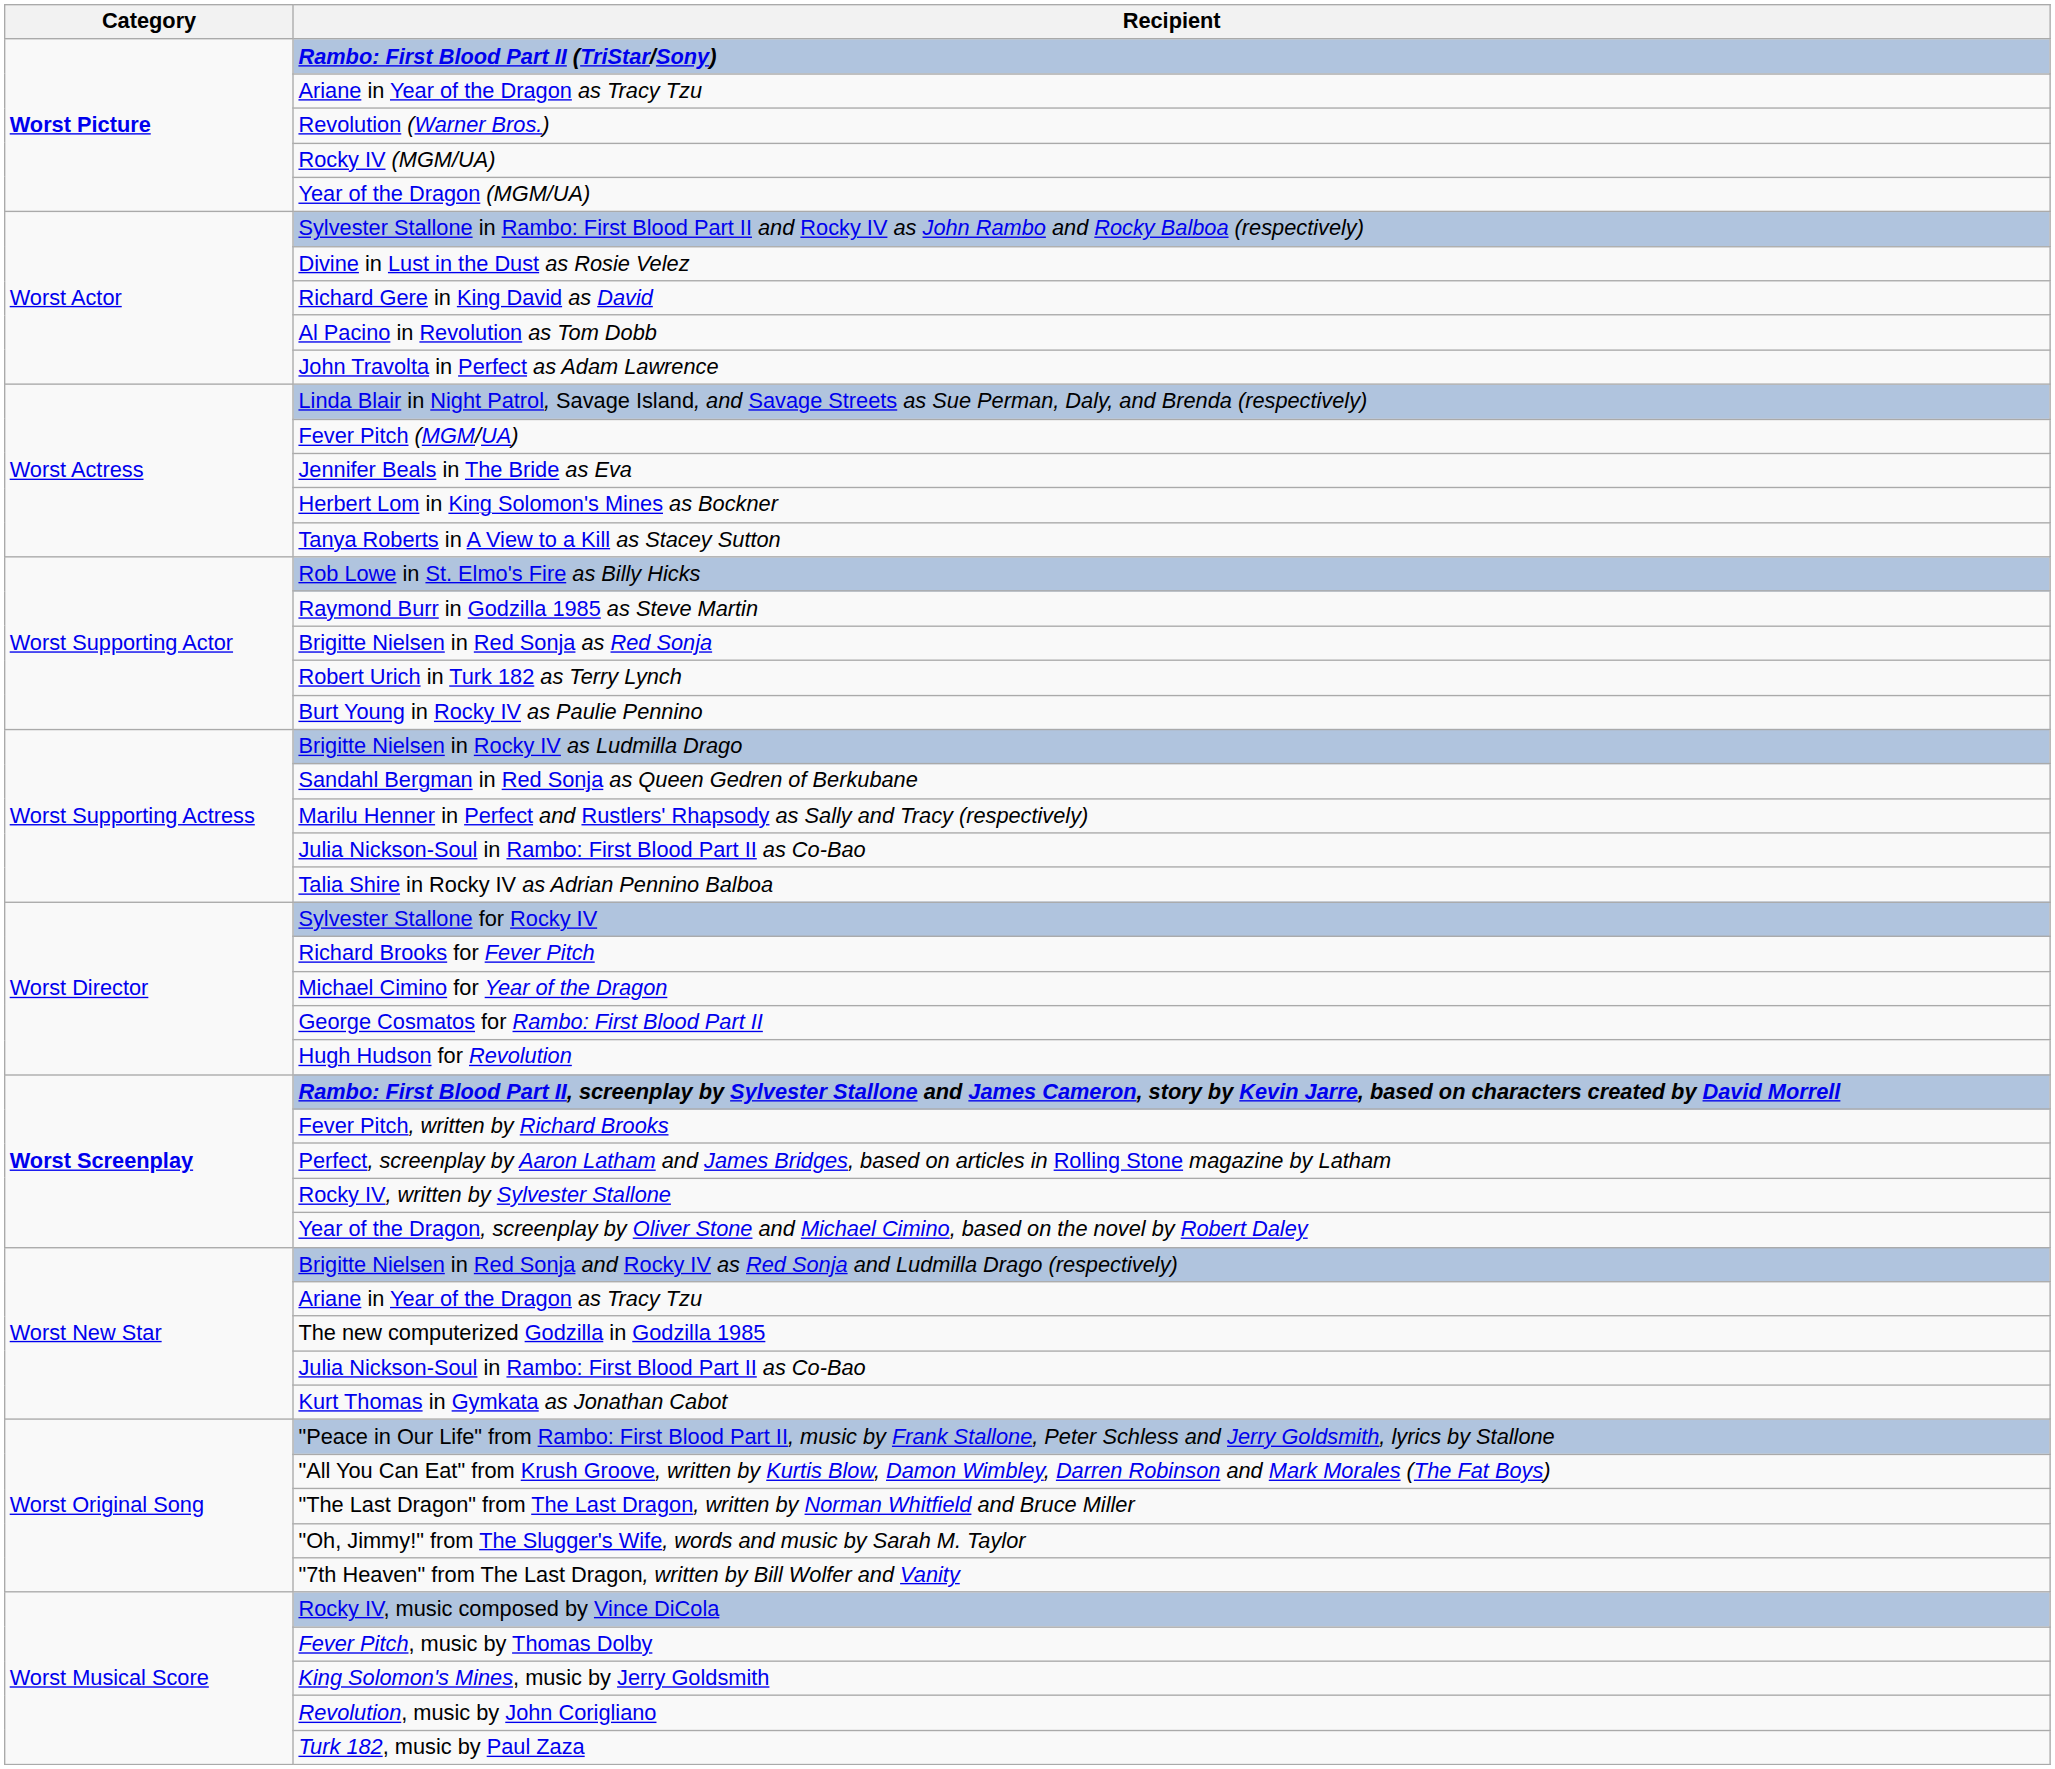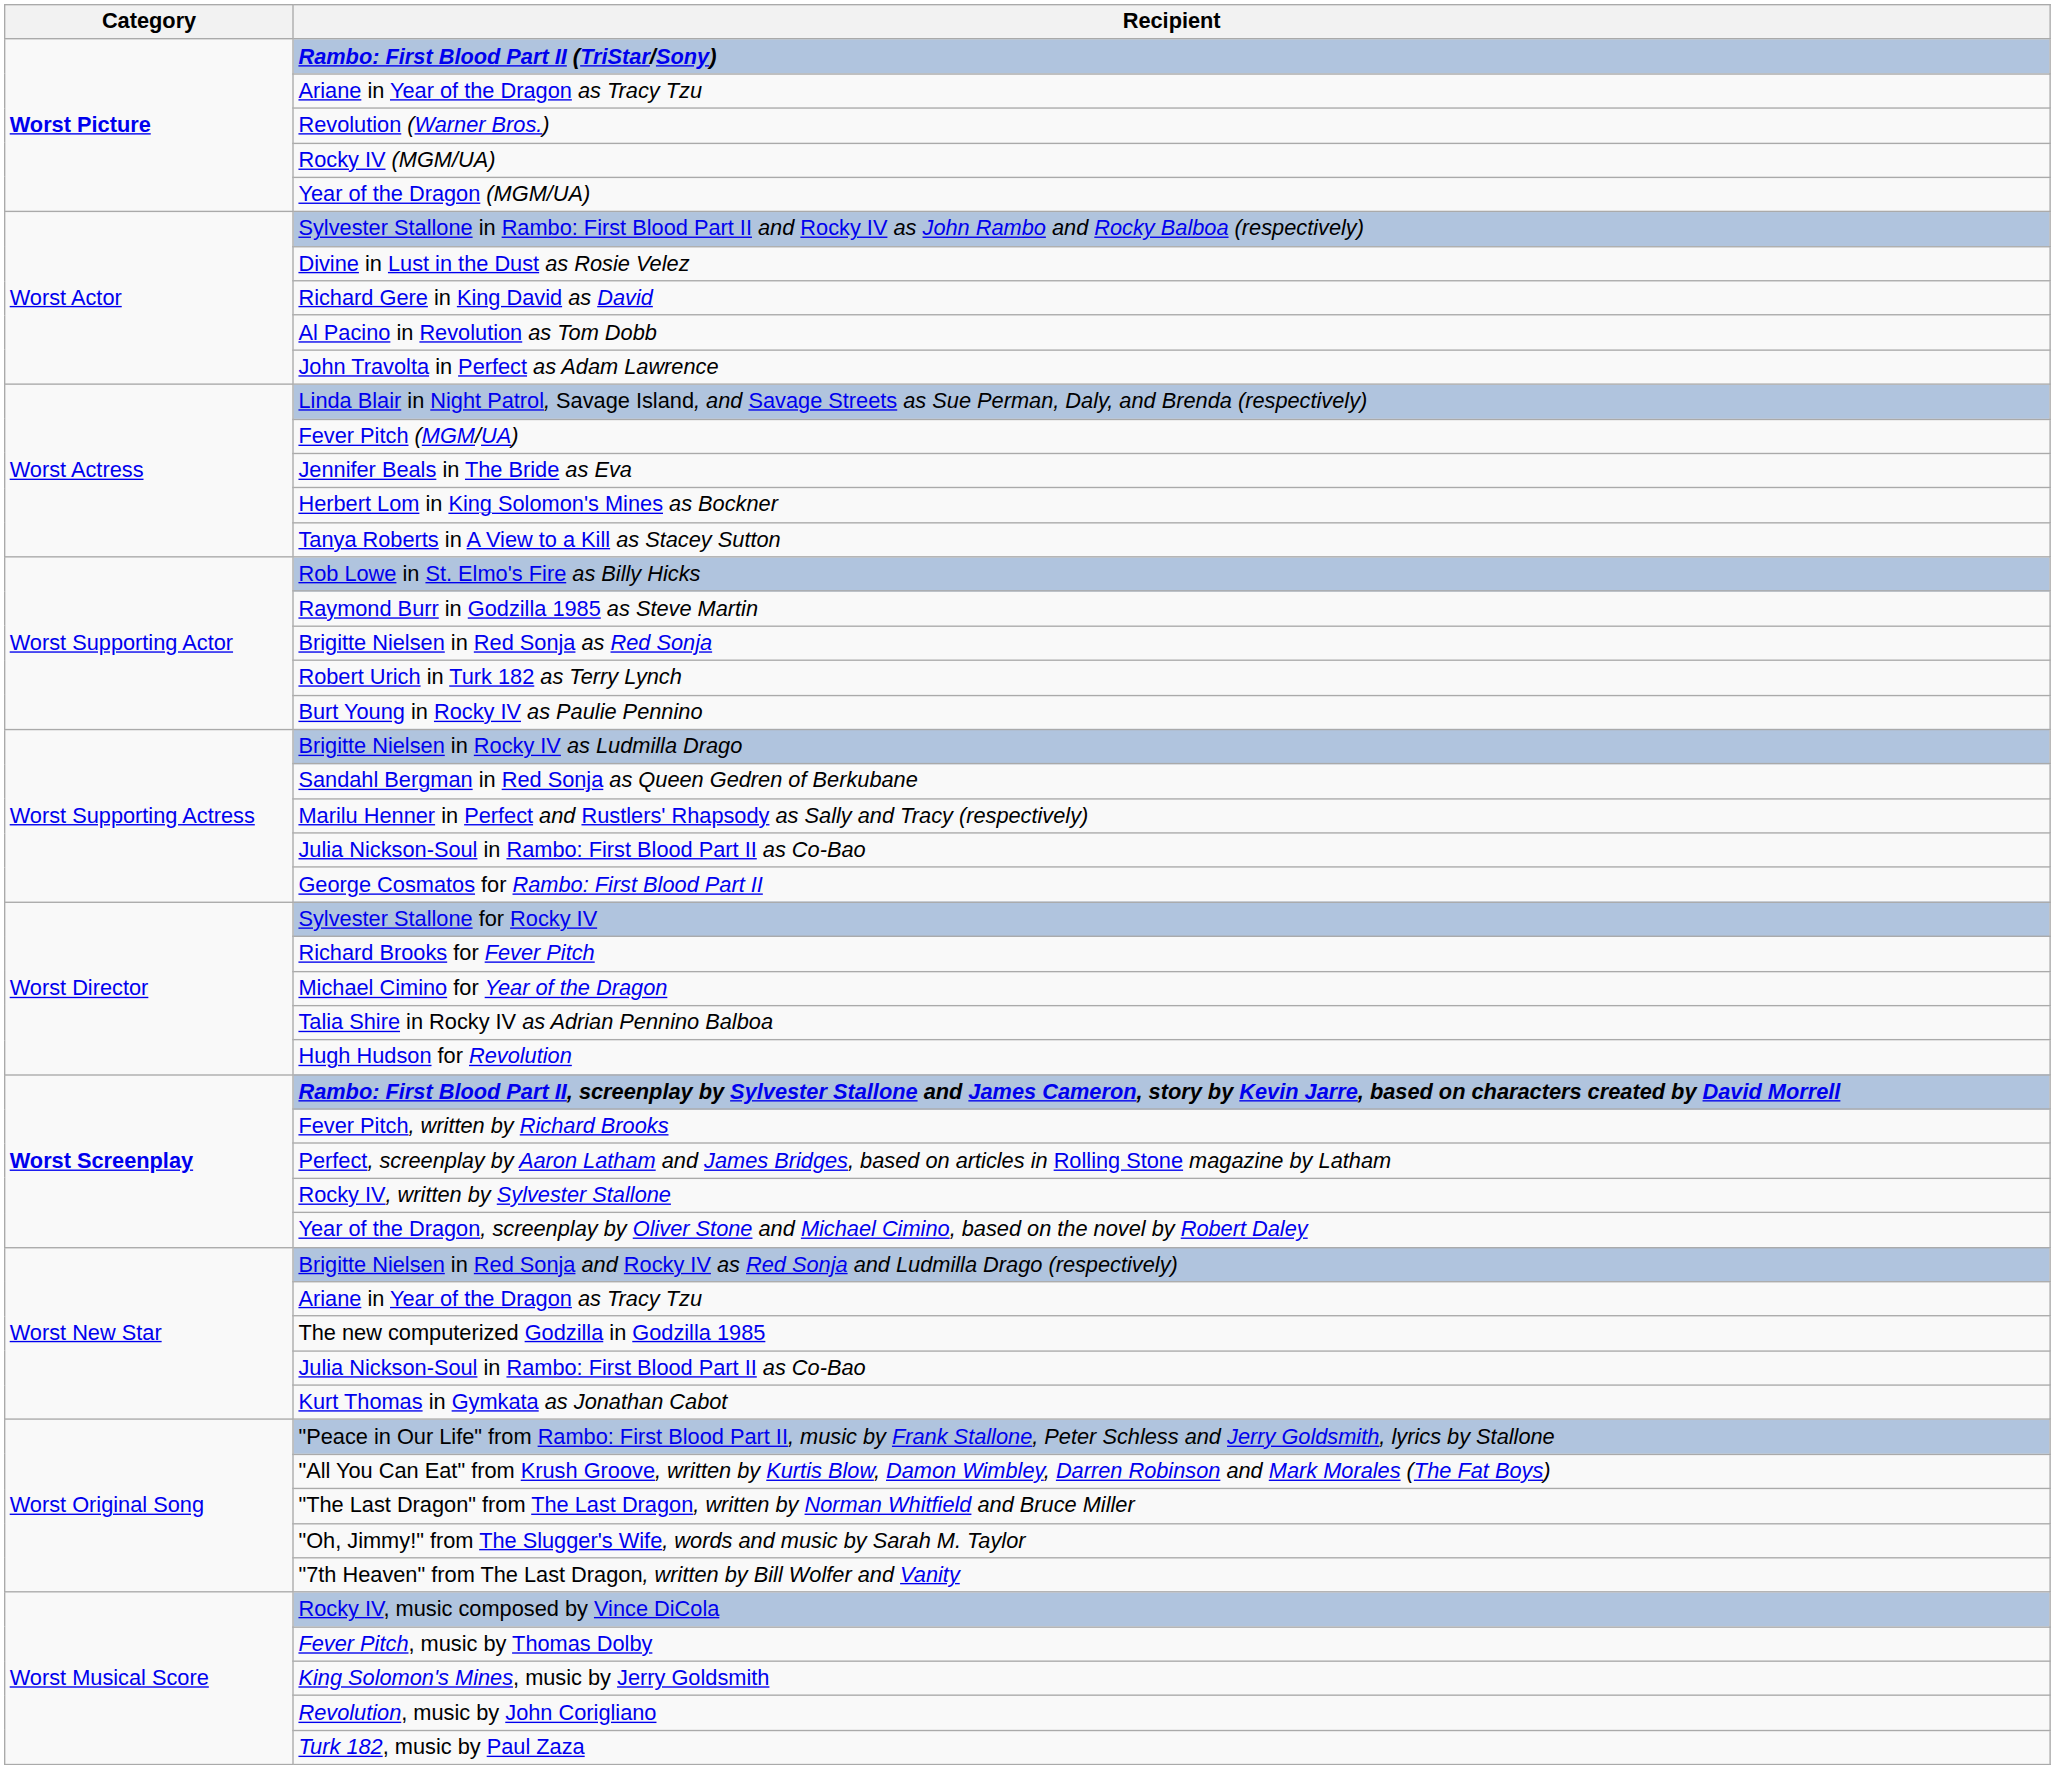 <table class="wikitable" width="95%" align="centre">
 <tr>
 <th>Category</th>
 <th>Recipient</th>
 </tr>
 <tr>
 <td rowspan=5><strong><a href='#'>Worst Picture</a></strong></td>
 <td style="background:#B0C4DE;"><strong><em><a href='#'>Rambo: First Blood Part II</a><em> (<a href='#'>TriStar</a>/<a href='#'>Sony</a>)<strong></td>
 </tr>
 <tr>
 <td><a href='#'>Ariane</a> in </em><a href='#'>Year of the Dragon</a><em> as Tracy Tzu</td>
 </tr>
 <tr>
 <td></em><a href='#'>Revolution</a><em> (<a href='#'>Warner Bros.</a>)</td>
 </tr>
 <tr>
 <td></em><a href='#'>Rocky IV</a><em> (MGM/UA)</td>
 </tr>
 <tr>
 <td></em><a href='#'>Year of the Dragon</a><em> (MGM/UA)</td>
 </tr>
 <tr>
 <td rowspan=5></strong><a href='#'>Worst Actor</a><strong></td>
 <td style="background:#B0C4DE;"></strong><a href='#'>Sylvester Stallone</a> in </em><a href='#'>Rambo: First Blood Part II</a><em> and </em><a href='#'>Rocky IV</a><em> as <a href='#'>John Rambo</a> and <a href='#'>Rocky Balboa</a> (respectively)<strong></td>
 </tr>
 <tr>
 <td><a href='#'>Divine</a> in </em><a href='#'>Lust in the Dust</a><em> as Rosie Velez</td>
 </tr>
 <tr>
 <td><a href='#'>Richard Gere</a> in </em><a href='#'>King David</a><em> as <a href='#'>David</a></td>
 </tr>
 <tr>
 <td><a href='#'>Al Pacino</a> in </em><a href='#'>Revolution</a><em> as Tom Dobb</td>
 </tr>
 <tr>
 <td><a href='#'>John Travolta</a> in </em><a href='#'>Perfect</a><em> as Adam Lawrence</td>
 </tr>
 <tr>
 <td rowspan=5></strong><a href='#'>Worst Actress</a><strong></td>
 <td style="background:#B0C4DE;"></strong><a href='#'>Linda Blair</a> in </em><a href='#'>Night Patrol</a><em>, </em>Savage Island<em>, and </em><a href='#'>Savage Streets</a><em> as Sue Perman, Daly, and Brenda (respectively)<strong></td>
 </tr>
 <tr>
 <td></em><a href='#'>Fever Pitch</a><em> (<a href='#'>MGM</a>/<a href='#'>UA</a>)</td>
 </tr>
 <tr>
 <td><a href='#'>Jennifer Beals</a> in </em><a href='#'>The Bride</a><em> as Eva</td>
 </tr>
 <tr>
 <td><a href='#'>Herbert Lom</a> in </em><a href='#'>King Solomon's Mines</a><em> as Bockner</td>
 </tr>
 <tr>
 <td><a href='#'>Tanya Roberts</a> in </em><a href='#'>A View to a Kill</a><em> as Stacey Sutton</td>
 </tr>
 <tr>
 <td rowspan=5></strong><a href='#'>Worst Supporting Actor</a><strong></td>
 <td style="background:#B0C4DE;"></strong><a href='#'>Rob Lowe</a> in </em><a href='#'>St. Elmo's Fire</a><em> as Billy Hicks<strong></td>
 </tr>
 <tr>
 <td><a href='#'>Raymond Burr</a> in </em><a href='#'>Godzilla 1985</a><em> as Steve Martin</td>
 </tr>
 <tr>
 <td><a href='#'>Brigitte Nielsen</a> in </em><a href='#'>Red Sonja</a><em> as <a href='#'>Red Sonja</a></td>
 </tr>
 <tr>
 <td><a href='#'>Robert Urich</a> in </em><a href='#'>Turk 182</a><em> as Terry Lynch</td>
 </tr>
 <tr>
 <td><a href='#'>Burt Young</a> in </em><a href='#'>Rocky IV</a><em> as Paulie Pennino</td>
 </tr>
 <tr>
 <td rowspan=5></strong><a href='#'>Worst Supporting Actress</a><strong></td>
 <td style="background:#B0C4DE;"></strong><a href='#'>Brigitte Nielsen</a> in </em><a href='#'>Rocky IV</a><em> as Ludmilla Drago<strong></td>
 </tr>
 <tr>
 <td><a href='#'>Sandahl Bergman</a> in </em><a href='#'>Red Sonja</a><em> as Queen Gedren of Berkubane</td>
 </tr>
 <tr>
 <td><a href='#'>Marilu Henner</a> in </em><a href='#'>Perfect</a><em> and </em><a href='#'>Rustlers' Rhapsody</a><em> as Sally and Tracy (respectively)</td>
 </tr>
 <tr>
 <td><a href='#'>Julia Nickson-Soul</a> in </em><a href='#'>Rambo: First Blood Part II</a><em> as Co-Bao</td>
 </tr>
 <tr>
-<td><a href='#'>Talia Shire</a> in </em>Rocky IV<em> as Adrian Pennino Balboa</td>
+<td><a href='#'>George Cosmatos</a> for <em><a href='#'>Rambo: First Blood Part II</a></em></td>
 </tr>
 <tr>
 <td rowspan=5></strong><a href='#'>Worst Director</a><strong></td>
 <td style="background:#B0C4DE;"></strong><a href='#'>Sylvester Stallone</a> for </em><a href='#'>Rocky IV</a></em></strong></td>
 </tr>
 <tr>
 <td><a href='#'>Richard Brooks</a> for <em><a href='#'>Fever Pitch</a></em></td>
 </tr>
 <tr>
 <td><a href='#'>Michael Cimino</a> for <em><a href='#'>Year of the Dragon</a></em></td>
 </tr>
 <tr>
-<td><a href='#'>George Cosmatos</a> for <em><a href='#'>Rambo: First Blood Part II</a></em></td>
+<td><a href='#'>Talia Shire</a> in </em>Rocky IV<em> as Adrian Pennino Balboa</td>
 </tr>
 <tr>
 <td><a href='#'>Hugh Hudson</a> for <em><a href='#'>Revolution</a></em></td>
 </tr>
 <tr>
 <td rowspan=5><strong><a href='#'>Worst Screenplay</a></strong></td>
 <td style="background:#B0C4DE;"><strong><em><a href='#'>Rambo: First Blood Part II</a><em>, screenplay by <a href='#'>Sylvester Stallone</a> and <a href='#'>James Cameron</a>, story by <a href='#'>Kevin Jarre</a>, based on characters created by <a href='#'>David Morrell</a><strong></td>
 </tr>
 <tr>
 <td></em><a href='#'>Fever Pitch</a><em>, written by <a href='#'>Richard Brooks</a></td>
 </tr>
 <tr>
 <td></em><a href='#'>Perfect</a><em>, screenplay by <a href='#'>Aaron Latham</a> and <a href='#'>James Bridges</a>, based on articles in </em><a href='#'>Rolling Stone</a><em> magazine by Latham</td>
 </tr>
 <tr>
 <td></em><a href='#'>Rocky IV</a><em>, written by <a href='#'>Sylvester Stallone</a></td>
 </tr>
 <tr>
 <td></em><a href='#'>Year of the Dragon</a><em>, screenplay by <a href='#'>Oliver Stone</a> and <a href='#'>Michael Cimino</a>, based on the novel by <a href='#'>Robert Daley</a></td>
 </tr>
 <tr>
 <td rowspan=5></strong><a href='#'>Worst New Star</a><strong></td>
 <td style="background:#B0C4DE;"></strong><a href='#'>Brigitte Nielsen</a> in </em><a href='#'>Red Sonja</a><em> and </em><a href='#'>Rocky IV</a><em> as <a href='#'>Red Sonja</a> and Ludmilla Drago (respectively)<strong></td>
 </tr>
 <tr>
 <td><a href='#'>Ariane</a> in </em><a href='#'>Year of the Dragon</a><em> as Tracy Tzu</td>
 </tr>
 <tr>
 <td>The new computerized <a href='#'>Godzilla</a> in </em><a href='#'>Godzilla 1985</a><em></td>
 </tr>
 <tr>
 <td><a href='#'>Julia Nickson-Soul</a> in </em><a href='#'>Rambo: First Blood Part II</a><em> as Co-Bao</td>
 </tr>
 <tr>
 <td><a href='#'>Kurt Thomas</a> in </em><a href='#'>Gymkata</a><em> as Jonathan Cabot</td>
 </tr>
 <tr>
 <td rowspan=5></strong><a href='#'>Worst Original Song</a><strong></td>
 <td style="background:#B0C4DE;"></strong>"Peace in Our Life" from </em><a href='#'>Rambo: First Blood Part II</a><em>, music by <a href='#'>Frank Stallone</a>, Peter Schless and <a href='#'>Jerry Goldsmith</a>, lyrics by Stallone<strong></td>
 </tr>
 <tr>
 <td>"All You Can Eat" from </em><a href='#'>Krush Groove</a><em>, written by <a href='#'>Kurtis Blow</a>, <a href='#'>Damon Wimbley</a>, <a href='#'>Darren Robinson</a> and <a href='#'>Mark Morales</a> (<a href='#'>The Fat Boys</a>)</td>
 </tr>
 <tr>
 <td>"The Last Dragon" from </em><a href='#'>The Last Dragon</a><em>, written by <a href='#'>Norman Whitfield</a> and Bruce Miller</td>
 </tr>
 <tr>
 <td>"Oh, Jimmy!" from </em><a href='#'>The Slugger's Wife</a><em>, words and music by Sarah M. Taylor</td>
 </tr>
 <tr>
 <td>"7th Heaven" from </em>The Last Dragon<em>, written by Bill Wolfer and <a href='#'>Vanity</a></td>
 </tr>
 <tr>
 <td rowspan=5></strong><a href='#'>Worst Musical Score</a><strong></td>
 <td style="background:#B0C4DE;"></em></strong><a href='#'>Rocky IV</a></em>, music composed by <a href='#'>Vince DiCola</a></strong></td>
 </tr>
 <tr>
 <td><em><a href='#'>Fever Pitch</a></em>, music by <a href='#'>Thomas Dolby</a></td>
 </tr>
 <tr>
 <td><em><a href='#'>King Solomon's Mines</a></em>, music by <a href='#'>Jerry Goldsmith</a></td>
 </tr>
 <tr>
 <td><em><a href='#'>Revolution</a></em>, music by <a href='#'>John Corigliano</a></td>
 </tr>
 <tr>
 <td><em><a href='#'>Turk 182</a></em>, music by <a href='#'>Paul Zaza</a></td>
 </tr>
 </table>
